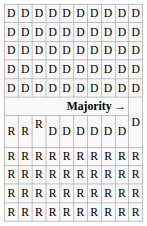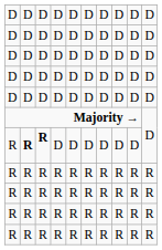 <table class="wikitable" style="text-align:center;">
 <tr>
 <td>D</td>
 <td>D</td>
 <td>D</td>
 <td>D</td>
 <td>D</td>
 <td>D</td>
 <td>D</td>
 <td>D</td>
 <td>D</td>
 <td>D</td>
 </tr>
 <tr>
 <td width=10% >D</td>
 <td width=10% >D</td>
 <td width=10% >D</td>
 <td width=10% >D</td>
 <td width=10% >D</td>
 <td width=10% >D</td>
 <td width=10% >D</td>
 <td width=10% >D</td>
 <td width=10% >D</td>
 <td width=10% >D</td>
 </tr>
 <tr>
 <td>D</td>
 <td>D</td>
 <td>D</td>
 <td>D</td>
 <td>D</td>
 <td>D</td>
 <td>D</td>
 <td>D</td>
 <td>D</td>
 <td>D</td>
 </tr>
 <tr>
 <td>D</td>
 <td>D</td>
 <td>D</td>
 <td>D</td>
 <td>D</td>
 <td>D</td>
 <td>D</td>
 <td>D</td>
 <td>D</td>
 <td>D</td>
 </tr>
 <tr>
 <td>D</td>
 <td>D</td>
 <td>D</td>
 <td>D</td>
 <td>D</td>
 <td>D</td>
 <td>D</td>
 <td>D</td>
 <td>D</td>
 <td>D</td>
 </tr>
 <tr>
 <td colspan=9 style="text-align:right"><strong>Majority →</strong></td>
 <td rowspan=2 >D</td>
 </tr>
 <tr>
 <td>R</td>
-<td>R</td>
-<td>R<br><br></td>
+<td><strong>R</strong></td>
+<td><strong>R<br><br></strong></td>
 <td>D</td>
 <td>D</td>
 <td>D</td>
 <td>D</td>
 <td>D</td>
 <td>D</td>
 </tr>
 <tr>
 <td>R</td>
 <td>R</td>
 <td>R</td>
 <td>R</td>
 <td>R</td>
 <td>R</td>
 <td>R</td>
 <td>R</td>
 <td>R</td>
 <td>R</td>
 </tr>
 <tr>
 <td>R</td>
 <td>R</td>
 <td>R</td>
 <td>R</td>
 <td>R</td>
 <td>R</td>
 <td>R</td>
 <td>R</td>
 <td>R</td>
 <td>R</td>
 </tr>
 <tr>
 <td>R</td>
 <td>R</td>
 <td>R</td>
 <td>R</td>
 <td>R</td>
 <td>R</td>
 <td>R</td>
 <td>R</td>
 <td>R</td>
 <td>R</td>
 </tr>
 <tr>
 <td>R</td>
 <td>R</td>
 <td>R</td>
 <td>R</td>
 <td>R</td>
 <td>R</td>
 <td>R</td>
 <td>R</td>
 <td>R</td>
 <td>R</td>
 </tr>
 </table>
